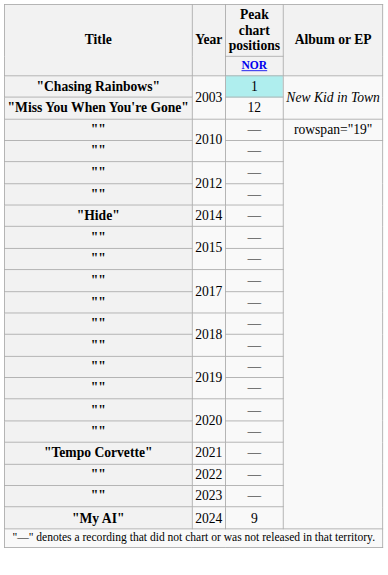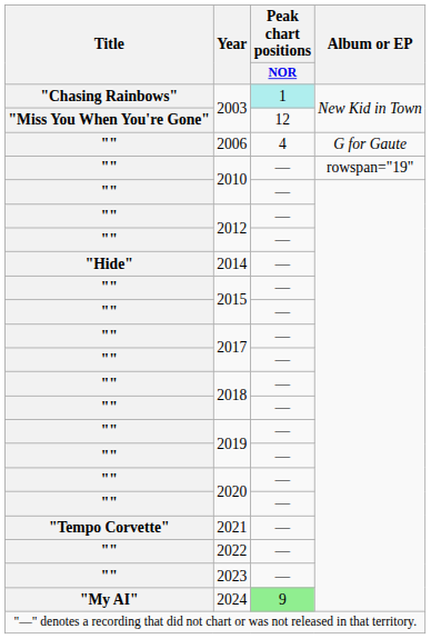 <table class="wikitable plainrowheaders" style="text-align:center;">
 <tr>
 <th scope="col" rowspan="2">Title</th>
 <th scope="col" rowspan="2">Year</th>
 <th scope="col" colspan="1">Peak chart positions</th>
 <th scope="col" rowspan="2">Album or EP</th>
 </tr>
 <tr>
 <th scope="col" style="width:3em;font-size:85%;"><a href='#'>NOR</a><br></th>
 </tr>
 <tr>
 <th scope="row">"Chasing Rainbows"</th>
 <td rowspan="2">2003</td>
 <td style="background: paleturquoise;">1</td>
 <td rowspan="2"><em>New Kid in Town</em></td>
 </tr>
 <tr>
 <th scope="row">"Miss You When You're Gone"</th>
 <td>12</td>
+</tr>
+<tr>
+<th scope="row">""</th>
+<td>2006</td>
+<td>4</td>
+<td><em>G for Gaute</em></td>
 </tr>
 <tr>
 <th scope="row">""<br></th>
 <td rowspan="2">2010</td>
 <td>—</td>
 <td>rowspan="19" </td>
 </tr>
 <tr>
 <th scope="row">""<br></th>
 <td>—</td>
 </tr>
 <tr>
 <th scope="row">""</th>
 <td rowspan="2">2012</td>
 <td>—</td>
 </tr>
 <tr>
 <th scope="row">""</th>
 <td>—</td>
 </tr>
 <tr>
 <th scope="row">"Hide"</th>
 <td>2014</td>
 <td>—</td>
 </tr>
 <tr>
 <th scope="row">""</th>
 <td rowspan="2">2015</td>
 <td>—</td>
 </tr>
 <tr>
 <th scope="row">""<br></th>
 <td>—</td>
 </tr>
 <tr>
 <th scope="row">""</th>
 <td rowspan="2">2017</td>
 <td>—</td>
 </tr>
 <tr>
 <th scope="row">""<br></th>
 <td>—</td>
 </tr>
 <tr>
 <th scope="row">""</th>
 <td rowspan="2">2018</td>
 <td>—</td>
 </tr>
 <tr>
 <th scope="row">""</th>
 <td>—</td>
 </tr>
 <tr>
 <th scope="row">""</th>
 <td rowspan="2">2019</td>
 <td>—</td>
 </tr>
 <tr>
 <th scope="row">""</th>
 <td>—</td>
 </tr>
 <tr>
 <th scope="row">""<br></th>
 <td rowspan="2">2020</td>
 <td>—</td>
 </tr>
 <tr>
 <th scope="row">""</th>
 <td>—</td>
 </tr>
 <tr>
 <th scope="row">"Tempo Corvette"</th>
 <td>2021</td>
 <td>—</td>
 </tr>
 <tr>
 <th scope="row">""</th>
 <td>2022</td>
 <td>—</td>
 </tr>
 <tr>
 <th scope="row">""<br></th>
 <td>2023</td>
 <td>—</td>
 </tr>
 <tr>
 <th scope="row">"My AI"<br></th>
 <td>2024</td>
-<td>9</td>
+<td style="background: lightgreen;">9</td>
 </tr>
 <tr>
 <td colspan="4" style="font-size:85%">"—" denotes a recording that did not chart or was not released in that territory.</td>
 </tr>
 </table>
